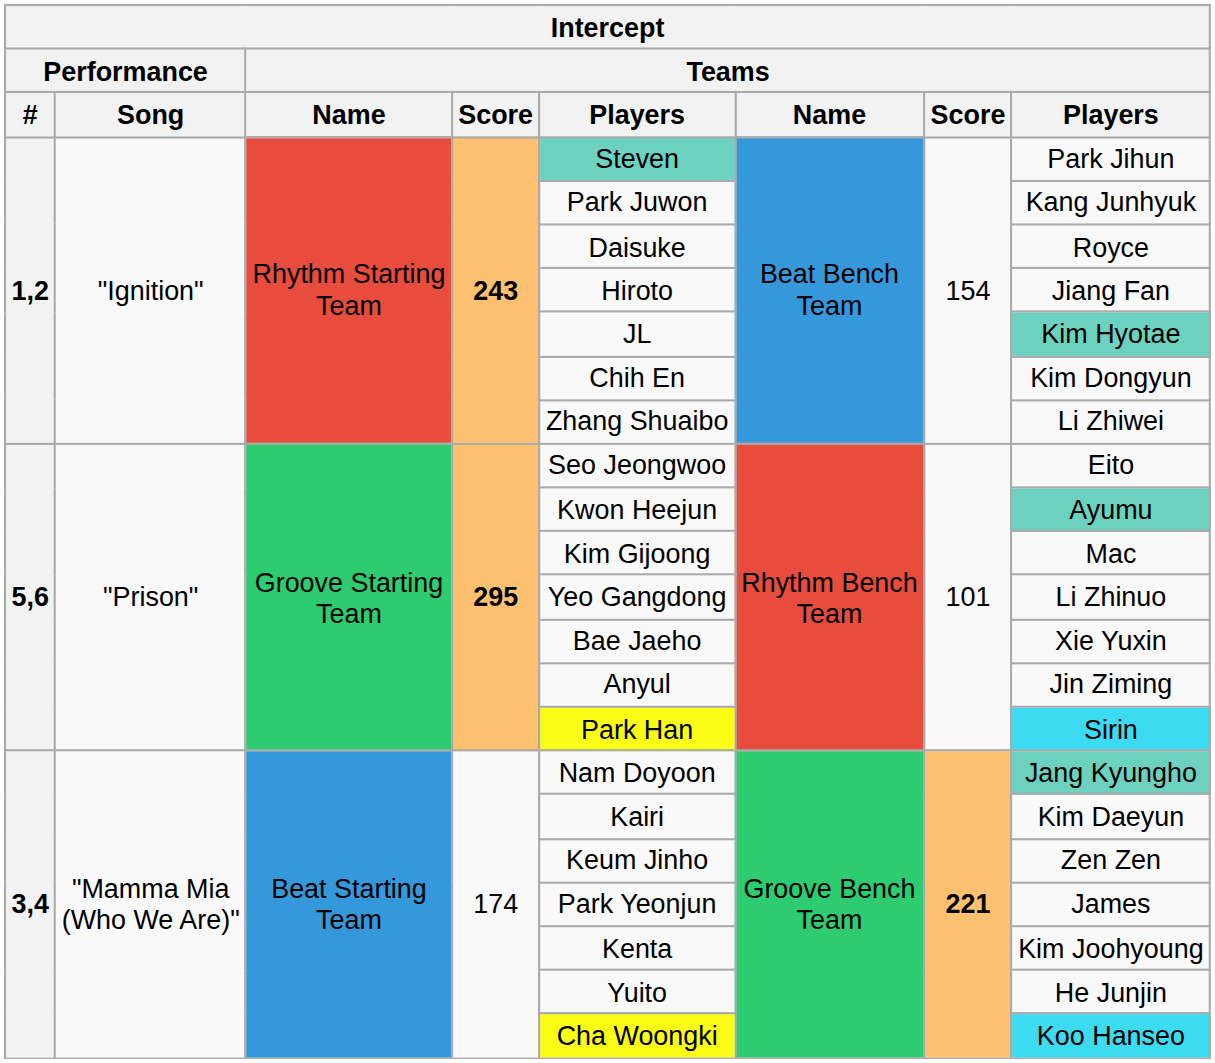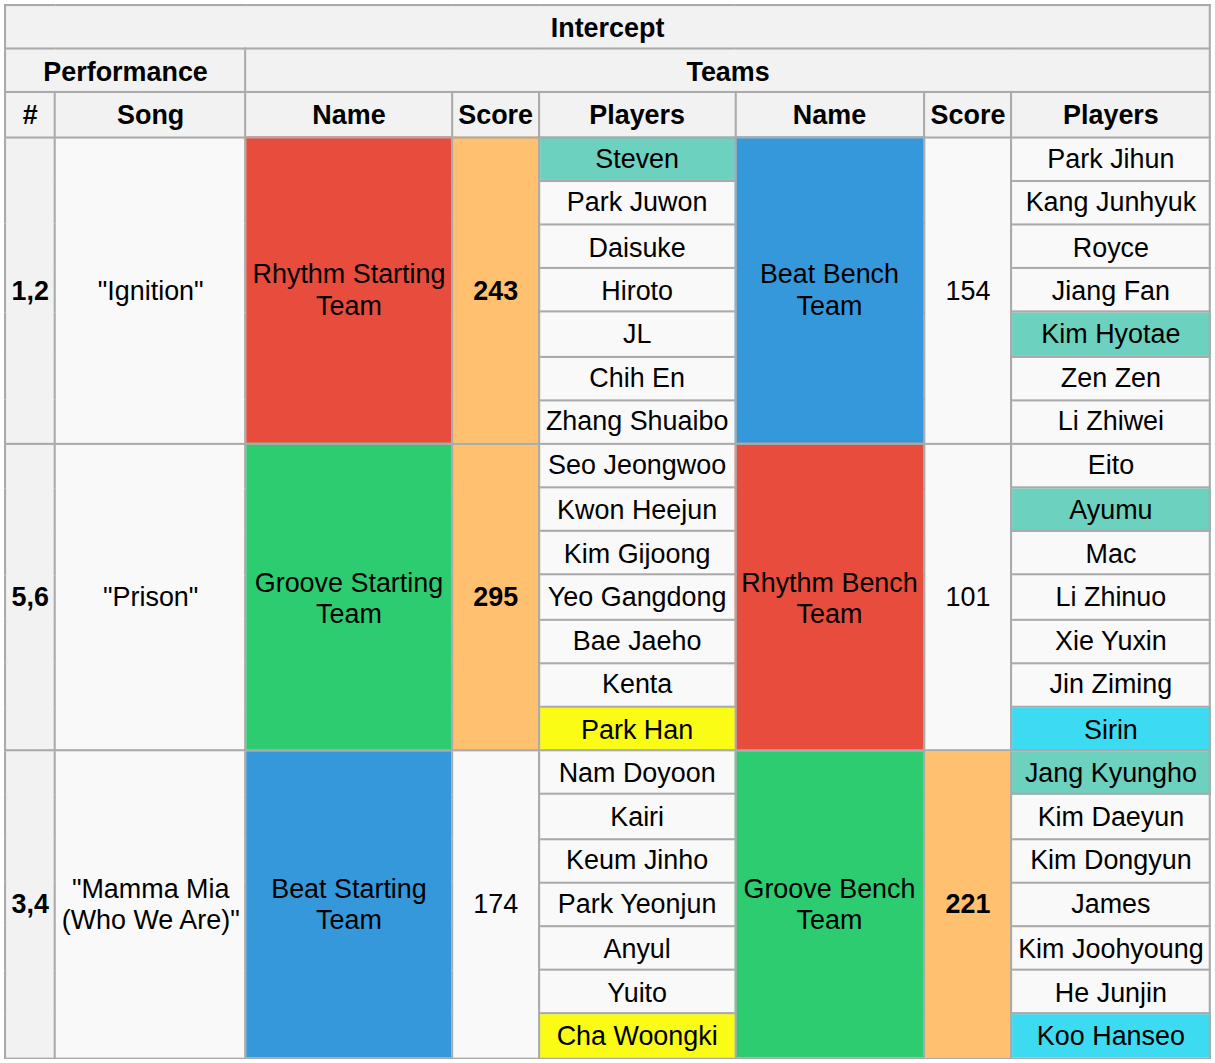 <table class="wikitable sortable" style="text-align:center; font-size: small">
 <tr>
 <th colspan="8">Intercept</th>
 </tr>
 <tr>
 <th colspan="2">Performance</th>
 <th colspan="6">Teams</th>
 </tr>
 <tr>
 <th>#</th>
 <th>Song</th>
 <th>Name</th>
 <th>Score</th>
 <th>Players</th>
 <th>Name</th>
 <th>Score</th>
 <th>Players</th>
 </tr>
 <tr>
 <th rowspan="7">1,2</th>
 <td rowspan="7">"Ignition"</td>
 <td rowspan="7" style="background:#e74c3c">Rhythm Starting<br>Team</td>
 <td rowspan="7" style="background:#FFC06F"><strong>243</strong></td>
 <td style="background:#6CD1BF">Steven</td>
 <td rowspan="7" style="background:#3498db">Beat Bench<br>Team</td>
 <td rowspan="7">154</td>
 <td>Park Jihun</td>
 </tr>
 <tr>
 <td>Park Juwon</td>
 <td>Kang Junhyuk</td>
 </tr>
 <tr>
 <td>Daisuke</td>
 <td>Royce</td>
 </tr>
 <tr>
 <td>Hiroto</td>
 <td>Jiang Fan</td>
 </tr>
 <tr>
 <td>JL</td>
 <td style="background:#6CD1BF">Kim Hyotae</td>
 </tr>
 <tr>
 <td>Chih En</td>
-<td>Kim Dongyun</td>
+<td>Zen Zen</td>
 </tr>
 <tr>
 <td>Zhang Shuaibo</td>
 <td>Li Zhiwei</td>
 </tr>
 <tr>
 <th rowspan="7">5,6</th>
 <td rowspan="7">"Prison"</td>
 <td rowspan="7" style="background:#2ecc71">Groove Starting<br>Team</td>
 <td rowspan="7" style="background:#FFC06F"><strong>295</strong></td>
 <td>Seo Jeongwoo</td>
 <td rowspan="7" style="background:#e74c3c">Rhythm Bench <br>Team</td>
 <td rowspan="7">101</td>
 <td>Eito</td>
 </tr>
 <tr>
 <td>Kwon Heejun</td>
 <td style="background:#6CD1BF">Ayumu</td>
 </tr>
 <tr>
 <td>Kim Gijoong</td>
 <td>Mac</td>
 </tr>
 <tr>
 <td>Yeo Gangdong</td>
 <td>Li Zhinuo</td>
 </tr>
 <tr>
 <td>Bae Jaeho</td>
 <td>Xie Yuxin</td>
 </tr>
 <tr>
-<td>Anyul</td>
+<td>Kenta</td>
 <td>Jin Ziming</td>
 </tr>
 <tr>
 <td style="background:#fafc15">Park Han</td>
 <td style="background:#3cdbf2">Sirin</td>
 </tr>
 <tr>
 <th rowspan="7">3,4</th>
 <td rowspan="7">"Mamma Mia <br>(Who We Are)"</td>
 <td rowspan="7" style="background:#3498db">Beat Starting<br>Team</td>
 <td rowspan="7">174</td>
 <td>Nam Doyoon</td>
 <td rowspan="7" style="background:#2ecc71">Groove Bench<br>Team</td>
 <td rowspan="7" style="background:#FFC06F"><strong>221</strong></td>
 <td style="background:#6CD1BF">Jang Kyungho</td>
 </tr>
 <tr>
 <td>Kairi</td>
 <td>Kim Daeyun</td>
 </tr>
 <tr>
 <td>Keum Jinho</td>
-<td>Zen Zen</td>
+<td>Kim Dongyun</td>
 </tr>
 <tr>
 <td>Park Yeonjun</td>
 <td>James</td>
 </tr>
 <tr>
-<td>Kenta</td>
+<td>Anyul</td>
 <td>Kim Joohyoung</td>
 </tr>
 <tr>
 <td>Yuito</td>
 <td>He Junjin</td>
 </tr>
 <tr>
 <td style="background:#fafc15">Cha Woongki</td>
 <td style="background:#3cdbf2">Koo Hanseo</td>
 </tr>
 </table>
